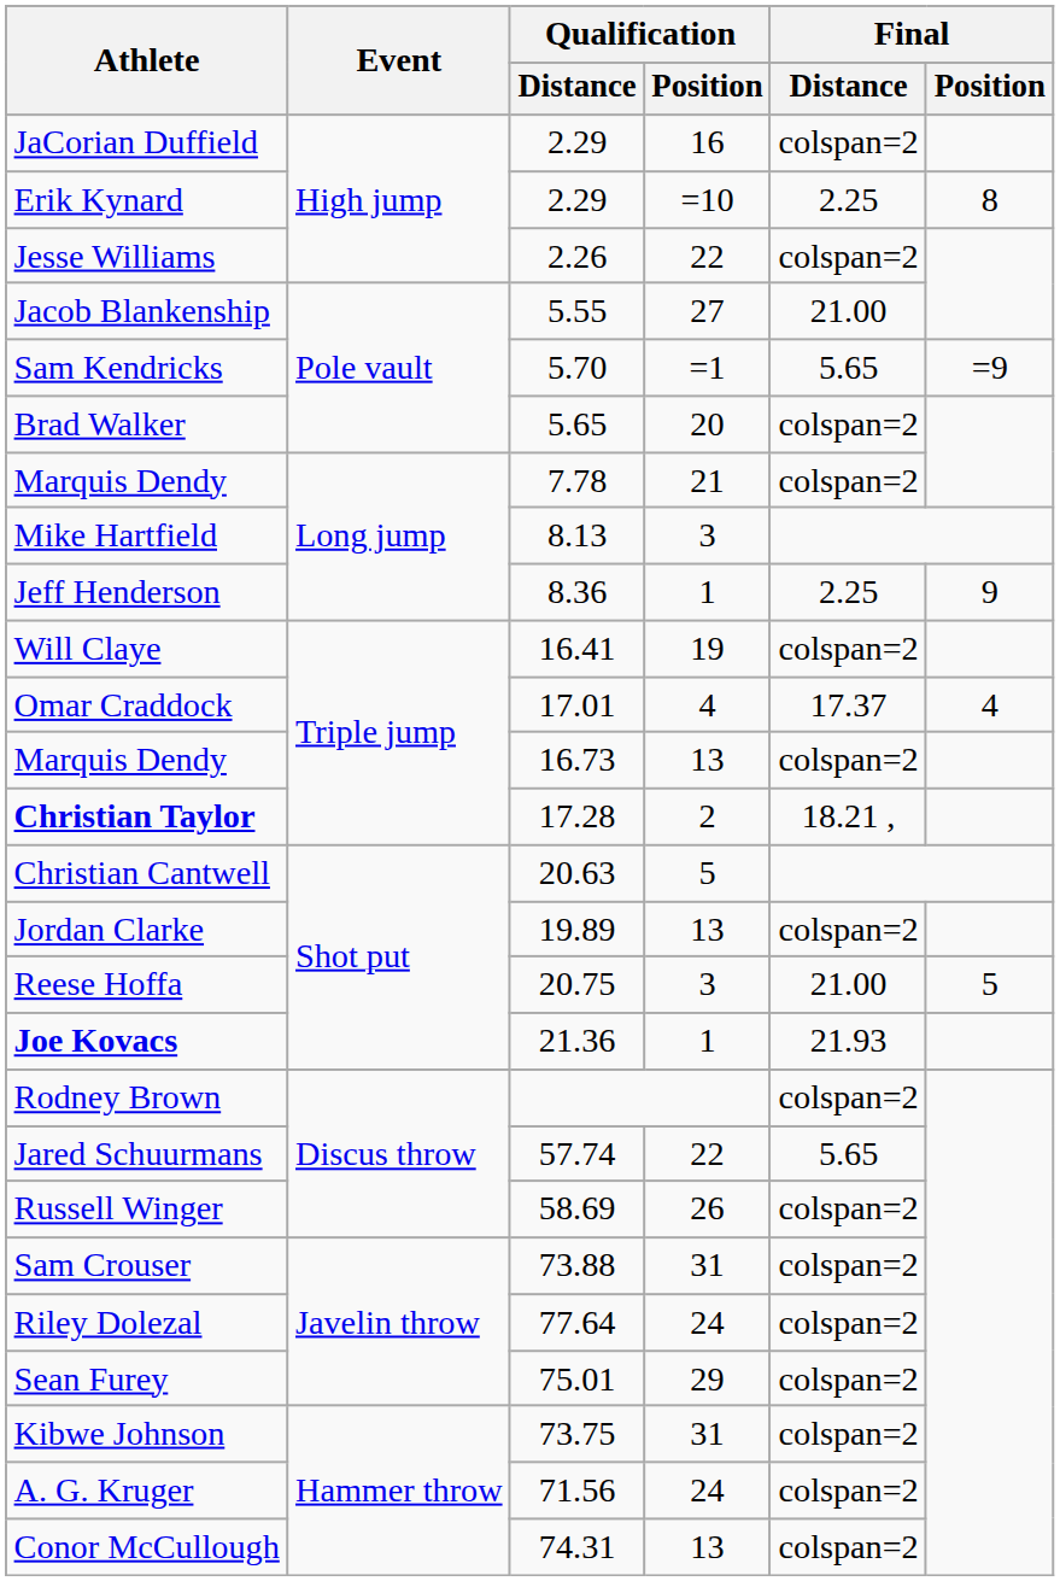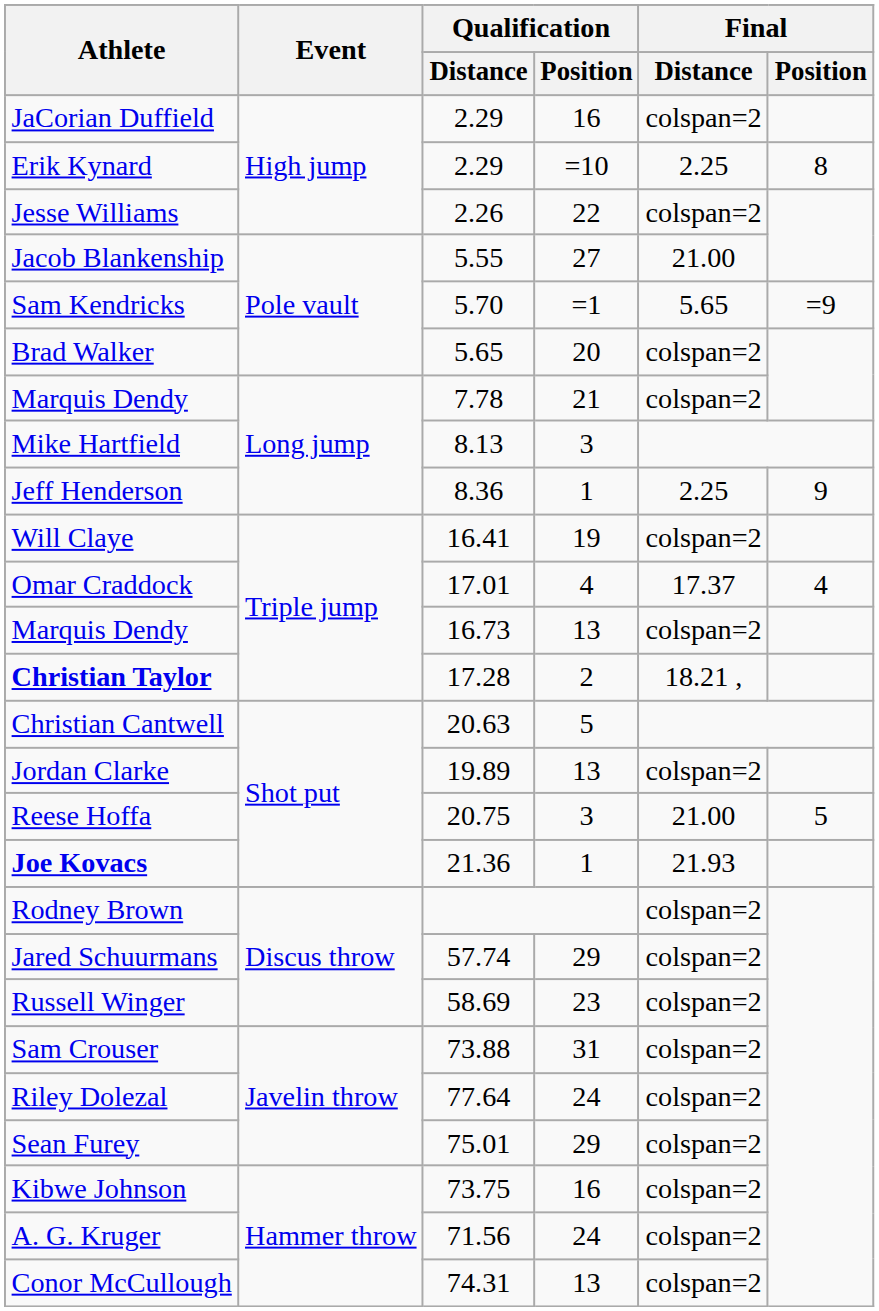 <table class=wikitable style="font-size:90%">
 <tr>
 <th rowspan="2">Athlete</th>
 <th rowspan="2">Event</th>
 <th colspan="2">Qualification</th>
 <th colspan="2">Final</th>
 </tr>
 <tr style="font-size:95%">
 <th>Distance</th>
 <th>Position</th>
 <th>Distance</th>
 <th>Position</th>
 </tr>
 <tr style=text-align:center>
 <td style=text-align:left><a href='#'>JaCorian Duffield</a></td>
 <td style=text-align:left rowspan=3><a href='#'>High jump</a></td>
 <td>2.29</td>
 <td>16</td>
 <td>colspan=2 </td>
 </tr>
 <tr style=text-align:center>
 <td style=text-align:left><a href='#'>Erik Kynard</a></td>
 <td>2.29</td>
 <td>=10 <strong></strong></td>
 <td>2.25</td>
 <td>8</td>
 </tr>
 <tr style=text-align:center>
 <td style=text-align:left><a href='#'>Jesse Williams</a></td>
 <td>2.26</td>
 <td>22</td>
 <td>colspan=2 </td>
 </tr>
 <tr style=text-align:center>
 <td style=text-align:left><a href='#'>Jacob Blankenship</a></td>
 <td style=text-align:left rowspan=3><a href='#'>Pole vault</a></td>
 <td>5.55</td>
 <td>27</td>
 <td>21.00</td>
 </tr>
 <tr style=text-align:center>
 <td style=text-align:left><a href='#'>Sam Kendricks</a></td>
 <td>5.70</td>
 <td>=1 <strong></strong></td>
 <td>5.65</td>
 <td>=9</td>
 </tr>
 <tr style=text-align:center>
 <td style=text-align:left><a href='#'>Brad Walker</a></td>
 <td>5.65</td>
 <td>20</td>
 <td>colspan=2 </td>
 </tr>
 <tr style=text-align:center>
 <td style=text-align:left><a href='#'>Marquis Dendy</a></td>
 <td style=text-align:left rowspan=3><a href='#'>Long jump</a></td>
 <td>7.78</td>
 <td>21</td>
 <td>colspan=2 </td>
 </tr>
 <tr style=text-align:center>
 <td style=text-align:left><a href='#'>Mike Hartfield</a></td>
 <td>8.13</td>
 <td>3 <strong></strong></td>
 <td colspan=2></td>
 </tr>
 <tr style=text-align:center>
 <td style=text-align:left><a href='#'>Jeff Henderson</a></td>
 <td>8.36</td>
 <td>1 <strong></strong></td>
 <td>2.25</td>
 <td>9</td>
 </tr>
 <tr style=text-align:center>
 <td style=text-align:left><a href='#'>Will Claye</a></td>
 <td style=text-align:left rowspan=4><a href='#'>Triple jump</a></td>
 <td>16.41</td>
 <td>19</td>
 <td>colspan=2 </td>
 </tr>
 <tr style=text-align:center>
 <td style=text-align:left><a href='#'>Omar Craddock</a></td>
 <td>17.01</td>
 <td>4 <strong></strong></td>
 <td>17.37</td>
 <td>4</td>
 </tr>
 <tr style=text-align:center>
 <td style=text-align:left><a href='#'>Marquis Dendy</a></td>
 <td>16.73</td>
 <td>13</td>
 <td>colspan=2 </td>
 </tr>
 <tr style=text-align:center>
 <td style=text-align:left><strong><a href='#'>Christian Taylor</a></strong></td>
 <td>17.28</td>
 <td>2 <strong></strong></td>
 <td>18.21 <strong></strong>, <strong></strong></td>
 <td></td>
 </tr>
 <tr style=text-align:center>
 <td style=text-align:left><a href='#'>Christian Cantwell</a></td>
 <td style=text-align:left rowspan=4><a href='#'>Shot put</a></td>
 <td>20.63</td>
 <td>5 <strong></strong></td>
 <td colspan=2></td>
 </tr>
 <tr style=text-align:center>
 <td style=text-align:left><a href='#'>Jordan Clarke</a></td>
 <td>19.89</td>
 <td>13</td>
 <td>colspan=2 </td>
 </tr>
 <tr style=text-align:center>
 <td style=text-align:left><a href='#'>Reese Hoffa</a></td>
 <td>20.75</td>
 <td>3 <strong></strong></td>
 <td>21.00</td>
 <td>5</td>
 </tr>
 <tr style=text-align:center>
 <td style=text-align:left><strong><a href='#'>Joe Kovacs</a></strong></td>
 <td>21.36</td>
 <td>1 <strong></strong></td>
 <td>21.93</td>
 <td></td>
 </tr>
 <tr style=text-align:center>
 <td style=text-align:left><a href='#'>Rodney Brown</a></td>
 <td style=text-align:left rowspan=3><a href='#'>Discus throw</a></td>
 <td colspan=2></td>
 <td>colspan=2 </td>
 </tr>
 <tr style=text-align:center>
 <td style=text-align:left><a href='#'>Jared Schuurmans</a></td>
 <td>57.74</td>
-<td>22</td>
-<td>5.65</td>
+<td>29</td>
+<td>colspan=2 </td>
 </tr>
 <tr style=text-align:center>
 <td style=text-align:left><a href='#'>Russell Winger</a></td>
 <td>58.69</td>
-<td>26</td>
+<td>23</td>
 <td>colspan=2 </td>
 </tr>
 <tr style=text-align:center>
 <td style=text-align:left><a href='#'>Sam Crouser</a></td>
 <td style=text-align:left rowspan=3><a href='#'>Javelin throw</a></td>
 <td>73.88</td>
 <td>31</td>
 <td>colspan=2 </td>
 </tr>
 <tr style=text-align:center>
 <td style=text-align:left><a href='#'>Riley Dolezal</a></td>
 <td>77.64</td>
 <td>24</td>
 <td>colspan=2 </td>
 </tr>
 <tr style=text-align:center>
 <td style=text-align:left><a href='#'>Sean Furey</a></td>
 <td>75.01</td>
 <td>29</td>
 <td>colspan=2 </td>
 </tr>
 <tr style=text-align:center>
 <td style=text-align:left><a href='#'>Kibwe Johnson</a></td>
 <td style=text-align:left rowspan=3><a href='#'>Hammer throw</a></td>
 <td>73.75</td>
-<td>31</td>
+<td>16</td>
 <td>colspan=2 </td>
 </tr>
 <tr style=text-align:center>
 <td style=text-align:left><a href='#'>A. G. Kruger</a></td>
 <td>71.56</td>
 <td>24</td>
 <td>colspan=2 </td>
 </tr>
 <tr style=text-align:center>
 <td style=text-align:left><a href='#'>Conor McCullough</a></td>
 <td>74.31</td>
 <td>13</td>
 <td>colspan=2 </td>
 </tr>
 </table>
